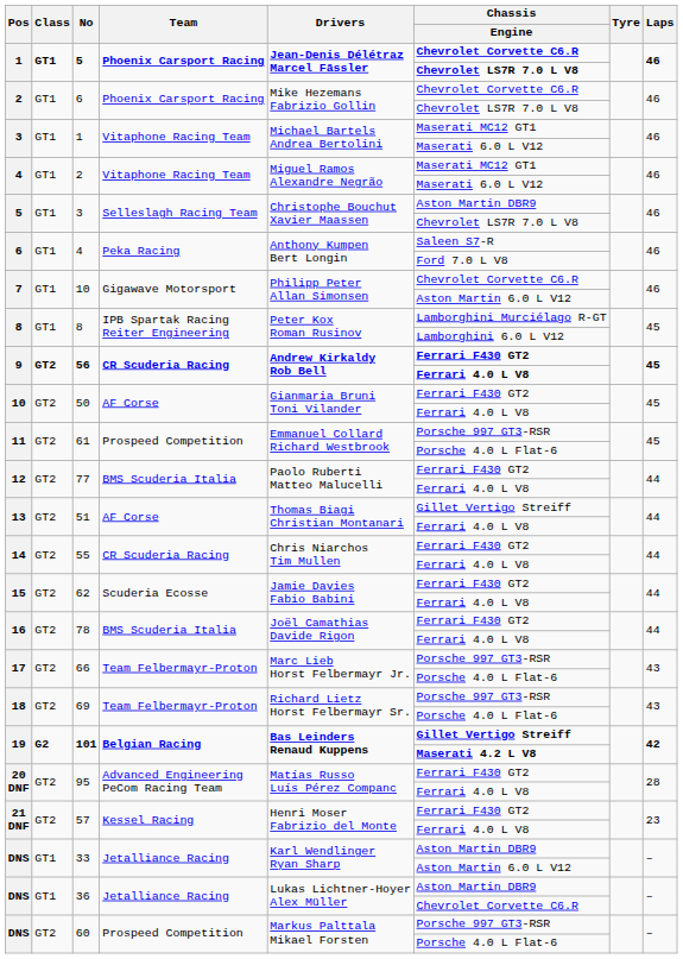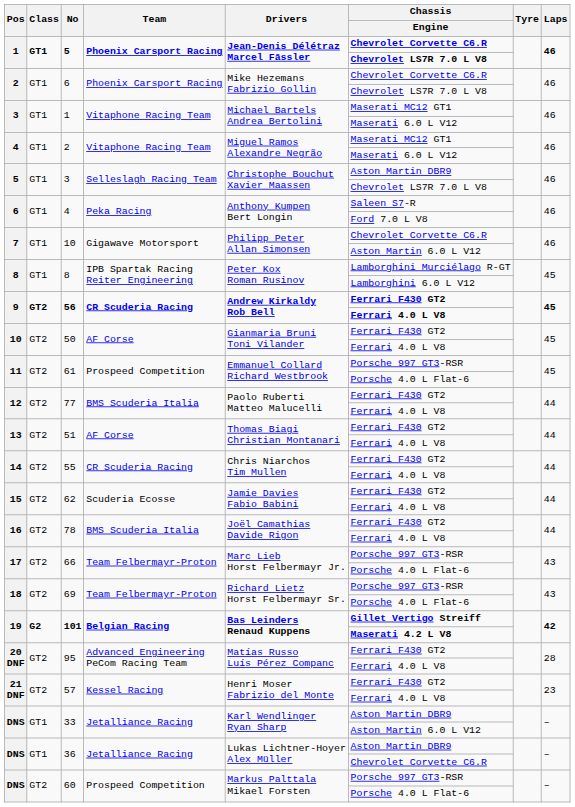 <table class="wikitable" style="font-size: 95%;">
 <tr>
 <th rowspan=2>Pos</th>
 <th rowspan=2>Class</th>
 <th rowspan=2>No</th>
 <th rowspan=2>Team</th>
 <th rowspan=2>Drivers</th>
 <th>Chassis</th>
 <th rowspan=2>Tyre</th>
 <th rowspan=2>Laps</th>
 </tr>
 <tr>
 <th>Engine</th>
 </tr>
 <tr style="font-weight:bold">
 <th rowspan=2>1</th>
 <td rowspan=2>GT1</td>
 <td rowspan=2>5</td>
 <td rowspan=2> <a href='#'>Phoenix Carsport Racing</a></td>
 <td rowspan=2> <a href='#'>Jean-Denis Délétraz</a><br> <a href='#'>Marcel Fāssler</a></td>
 <td><a href='#'>Chevrolet Corvette C6.R</a></td>
 <td rowspan=2></td>
 <td rowspan=2>46</td>
 </tr>
 <tr style="font-weight:bold">
 <td><a href='#'>Chevrolet</a> LS7R 7.0 L V8</td>
 </tr>
 <tr>
 <th rowspan=2>2</th>
 <td rowspan=2>GT1</td>
 <td rowspan=2>6</td>
 <td rowspan=2> <a href='#'>Phoenix Carsport Racing</a></td>
 <td rowspan=2> Mike Hezemans<br> <a href='#'>Fabrizio Gollin</a></td>
 <td><a href='#'>Chevrolet Corvette C6.R</a></td>
 <td rowspan=2></td>
 <td rowspan=2>46</td>
 </tr>
 <tr>
 <td><a href='#'>Chevrolet</a> LS7R 7.0 L V8</td>
 </tr>
 <tr>
 <th rowspan=2>3</th>
 <td rowspan=2>GT1</td>
 <td rowspan=2>1</td>
 <td rowspan=2> <a href='#'>Vitaphone Racing Team</a></td>
 <td rowspan=2> <a href='#'>Michael Bartels</a><br> <a href='#'>Andrea Bertolini</a></td>
 <td><a href='#'>Maserati MC12</a> GT1</td>
 <td rowspan=2></td>
 <td rowspan=2>46</td>
 </tr>
 <tr>
 <td><a href='#'>Maserati</a> 6.0 L V12</td>
 </tr>
 <tr>
 <th rowspan=2>4</th>
 <td rowspan=2>GT1</td>
 <td rowspan=2>2</td>
 <td rowspan=2> <a href='#'>Vitaphone Racing Team</a></td>
 <td rowspan=2> <a href='#'>Miguel Ramos</a><br> <a href='#'>Alexandre Negrão</a></td>
 <td><a href='#'>Maserati MC12</a> GT1</td>
 <td rowspan=2></td>
 <td rowspan=2>46</td>
 </tr>
 <tr>
 <td><a href='#'>Maserati</a> 6.0 L V12</td>
 </tr>
 <tr>
 <th rowspan=2>5</th>
 <td rowspan=2>GT1</td>
 <td rowspan=2>3</td>
 <td rowspan=2> <a href='#'>Selleslagh Racing Team</a></td>
 <td rowspan=2> <a href='#'>Christophe Bouchut</a><br> <a href='#'>Xavier Maassen</a></td>
 <td><a href='#'>Aston Martin DBR9</a></td>
 <td rowspan=2></td>
 <td rowspan=2>46</td>
 </tr>
 <tr>
 <td><a href='#'>Chevrolet</a> LS7R 7.0 L V8</td>
 </tr>
 <tr>
 <th rowspan=2>6</th>
 <td rowspan=2>GT1</td>
 <td rowspan=2>4</td>
 <td rowspan=2> <a href='#'>Peka Racing</a></td>
 <td rowspan=2> <a href='#'>Anthony Kumpen</a><br> Bert Longin</td>
 <td><a href='#'>Saleen S7</a>-R</td>
 <td rowspan=2></td>
 <td rowspan=2>46</td>
 </tr>
 <tr>
 <td><a href='#'>Ford</a> 7.0 L V8</td>
 </tr>
 <tr>
 <th rowspan=2>7</th>
 <td rowspan=2>GT1</td>
 <td rowspan=2>10</td>
 <td rowspan=2> Gigawave Motorsport</td>
 <td rowspan=2> <a href='#'>Philipp Peter</a><br> <a href='#'>Allan Simonsen</a></td>
 <td><a href='#'>Chevrolet Corvette C6.R</a></td>
 <td rowspan=2></td>
 <td rowspan=2>46</td>
 </tr>
 <tr>
 <td><a href='#'>Aston Martin</a> 6.0 L V12</td>
 </tr>
 <tr>
 <th rowspan=2>8</th>
 <td rowspan=2>GT1</td>
 <td rowspan=2>8</td>
 <td rowspan=2> IPB Spartak Racing<br> <a href='#'>Reiter Engineering</a></td>
 <td rowspan=2> <a href='#'>Peter Kox</a><br> <a href='#'>Roman Rusinov</a></td>
 <td><a href='#'>Lamborghini Murciélago</a> R-GT</td>
 <td rowspan=2></td>
 <td rowspan=2>45</td>
 </tr>
 <tr>
 <td><a href='#'>Lamborghini</a> 6.0 L V12</td>
 </tr>
 <tr style="font-weight:bold">
 <th rowspan=2>9</th>
 <td rowspan=2>GT2</td>
 <td rowspan=2>56</td>
 <td rowspan=2> <a href='#'>CR Scuderia Racing</a></td>
 <td rowspan=2> <a href='#'>Andrew Kirkaldy</a><br> <a href='#'>Rob Bell</a></td>
 <td><a href='#'>Ferrari F430</a> GT2</td>
 <td rowspan=2></td>
 <td rowspan=2>45</td>
 </tr>
 <tr style="font-weight:bold">
 <td><a href='#'>Ferrari</a> 4.0 L V8</td>
 </tr>
 <tr>
 <th rowspan=2>10</th>
 <td rowspan=2>GT2</td>
 <td rowspan=2>50</td>
 <td rowspan=2> <a href='#'>AF Corse</a></td>
 <td rowspan=2> <a href='#'>Gianmaria Bruni</a><br> <a href='#'>Toni Vilander</a></td>
 <td><a href='#'>Ferrari F430</a> GT2</td>
 <td rowspan=2></td>
 <td rowspan=2>45</td>
 </tr>
 <tr>
 <td><a href='#'>Ferrari</a> 4.0 L V8</td>
 </tr>
 <tr>
 <th rowspan=2>11</th>
 <td rowspan=2>GT2</td>
 <td rowspan=2>61</td>
 <td rowspan=2> Prospeed Competition</td>
 <td rowspan=2> <a href='#'>Emmanuel Collard</a><br> <a href='#'>Richard Westbrook</a></td>
 <td><a href='#'>Porsche 997 GT3</a>-RSR</td>
 <td rowspan=2></td>
 <td rowspan=2>45</td>
 </tr>
 <tr>
 <td><a href='#'>Porsche</a> 4.0 L Flat-6</td>
 </tr>
 <tr>
 <th rowspan=2>12</th>
 <td rowspan=2>GT2</td>
 <td rowspan=2>77</td>
 <td rowspan=2> <a href='#'>BMS Scuderia Italia</a></td>
 <td rowspan=2> Paolo Ruberti<br> Matteo Malucelli</td>
 <td><a href='#'>Ferrari F430</a> GT2</td>
 <td rowspan=2></td>
 <td rowspan=2>44</td>
 </tr>
 <tr>
 <td><a href='#'>Ferrari</a> 4.0 L V8</td>
 </tr>
 <tr>
 <th rowspan=2>13</th>
 <td rowspan=2>GT2</td>
 <td rowspan=2>51</td>
 <td rowspan=2> <a href='#'>AF Corse</a></td>
 <td rowspan=2> <a href='#'>Thomas Biagi</a><br> <a href='#'>Christian Montanari</a></td>
-<td><a href='#'>Gillet Vertigo</a> Streiff</td>
+<td><a href='#'>Ferrari F430</a> GT2</td>
 <td rowspan=2></td>
 <td rowspan=2>44</td>
 </tr>
 <tr>
 <td><a href='#'>Ferrari</a> 4.0 L V8</td>
 </tr>
 <tr>
 <th rowspan=2>14</th>
 <td rowspan=2>GT2</td>
 <td rowspan=2>55</td>
 <td rowspan=2> <a href='#'>CR Scuderia Racing</a></td>
 <td rowspan=2> Chris Niarchos<br> <a href='#'>Tim Mullen</a></td>
 <td><a href='#'>Ferrari F430</a> GT2</td>
 <td rowspan=2></td>
 <td rowspan=2>44</td>
 </tr>
 <tr>
 <td><a href='#'>Ferrari</a> 4.0 L V8</td>
 </tr>
 <tr>
 <th rowspan=2>15</th>
 <td rowspan=2>GT2</td>
 <td rowspan=2>62</td>
 <td rowspan=2> Scuderia Ecosse</td>
 <td rowspan=2> <a href='#'>Jamie Davies</a><br> <a href='#'>Fabio Babini</a></td>
 <td><a href='#'>Ferrari F430</a> GT2</td>
 <td rowspan=2></td>
 <td rowspan=2>44</td>
 </tr>
 <tr>
 <td><a href='#'>Ferrari</a> 4.0 L V8</td>
 </tr>
 <tr>
 <th rowspan=2>16</th>
 <td rowspan=2>GT2</td>
 <td rowspan=2>78</td>
 <td rowspan=2> <a href='#'>BMS Scuderia Italia</a></td>
 <td rowspan=2> <a href='#'>Joël Camathias</a><br> <a href='#'>Davide Rigon</a></td>
 <td><a href='#'>Ferrari F430</a> GT2</td>
 <td rowspan=2></td>
 <td rowspan=2>44</td>
 </tr>
 <tr>
 <td><a href='#'>Ferrari</a> 4.0 L V8</td>
 </tr>
 <tr>
 <th rowspan=2>17</th>
 <td rowspan=2>GT2</td>
 <td rowspan=2>66</td>
 <td rowspan=2> <a href='#'>Team Felbermayr-Proton</a></td>
 <td rowspan=2> <a href='#'>Marc Lieb</a><br> Horst Felbermayr Jr.</td>
 <td><a href='#'>Porsche 997 GT3</a>-RSR</td>
 <td rowspan=2></td>
 <td rowspan=2>43</td>
 </tr>
 <tr>
 <td><a href='#'>Porsche</a> 4.0 L Flat-6</td>
 </tr>
 <tr>
 <th rowspan=2>18</th>
 <td rowspan=2>GT2</td>
 <td rowspan=2>69</td>
 <td rowspan=2> <a href='#'>Team Felbermayr-Proton</a></td>
 <td rowspan=2> <a href='#'>Richard Lietz</a><br> Horst Felbermayr Sr.</td>
 <td><a href='#'>Porsche 997 GT3</a>-RSR</td>
 <td rowspan=2></td>
 <td rowspan=2>43</td>
 </tr>
 <tr>
 <td><a href='#'>Porsche</a> 4.0 L Flat-6</td>
 </tr>
 <tr style="font-weight:bold">
 <th rowspan=2>19</th>
 <td rowspan=2>G2</td>
 <td rowspan=2>101</td>
 <td rowspan=2> <a href='#'>Belgian Racing</a></td>
 <td rowspan=2> <a href='#'>Bas Leinders</a><br> Renaud Kuppens</td>
 <td><a href='#'>Gillet Vertigo</a> Streiff</td>
 <td rowspan=2></td>
 <td rowspan=2>42</td>
 </tr>
 <tr style="font-weight:bold">
 <td><a href='#'>Maserati</a> 4.2 L V8</td>
 </tr>
 <tr>
 <th rowspan=2>20<br>DNF</th>
 <td rowspan=2>GT2</td>
 <td rowspan=2>95</td>
 <td rowspan=2> <a href='#'>Advanced Engineering</a><br> PeCom Racing Team</td>
 <td rowspan=2> <a href='#'>Matías Russo</a><br> <a href='#'>Luís Pérez Companc</a></td>
 <td><a href='#'>Ferrari F430</a> GT2</td>
 <td rowspan=2></td>
 <td rowspan=2>28</td>
 </tr>
 <tr>
 <td><a href='#'>Ferrari</a> 4.0 L V8</td>
 </tr>
 <tr>
 <th rowspan=2>21<br>DNF</th>
 <td rowspan=2>GT2</td>
 <td rowspan=2>57</td>
 <td rowspan=2> <a href='#'>Kessel Racing</a></td>
 <td rowspan=2> Henri Moser<br> <a href='#'>Fabrizio del Monte</a></td>
 <td><a href='#'>Ferrari F430</a> GT2</td>
 <td rowspan=2></td>
 <td rowspan=2>23</td>
 </tr>
 <tr>
 <td><a href='#'>Ferrari</a> 4.0 L V8</td>
 </tr>
 <tr>
 <th rowspan=2>DNS</th>
 <td rowspan=2>GT1</td>
 <td rowspan=2>33</td>
 <td rowspan=2> <a href='#'>Jetalliance Racing</a></td>
 <td rowspan=2> <a href='#'>Karl Wendlinger</a><br> <a href='#'>Ryan Sharp</a></td>
 <td><a href='#'>Aston Martin DBR9</a></td>
 <td rowspan=2></td>
 <td rowspan=2>–</td>
 </tr>
 <tr>
 <td><a href='#'>Aston Martin</a> 6.0 L V12</td>
 </tr>
 <tr>
 <th rowspan=2>DNS</th>
 <td rowspan=2>GT1</td>
 <td rowspan=2>36</td>
 <td rowspan=2> <a href='#'>Jetalliance Racing</a></td>
 <td rowspan=2> Lukas Lichtner-Hoyer<br> <a href='#'>Alex Müller</a></td>
 <td><a href='#'>Aston Martin DBR9</a></td>
 <td rowspan=2></td>
 <td rowspan=2>–</td>
 </tr>
 <tr>
 <td><a href='#'>Chevrolet Corvette C6.R</a></td>
 </tr>
 <tr>
 <th rowspan=2>DNS</th>
 <td rowspan=2>GT2</td>
 <td rowspan=2>60</td>
 <td rowspan=2> Prospeed Competition</td>
 <td rowspan=2> <a href='#'>Markus Palttala</a><br> Mikael Forsten</td>
 <td><a href='#'>Porsche 997 GT3</a>-RSR</td>
 <td rowspan=2></td>
 <td rowspan=2>–</td>
 </tr>
 <tr>
 <td><a href='#'>Porsche</a> 4.0 L Flat-6</td>
 </tr>
 </table>
